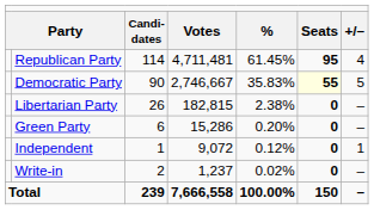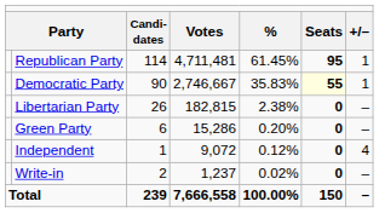 <table class="wikitable" style="font-size:100%; text-align:right;">
 <tr>
 <td colspan=15 align=center></td>
 </tr>
 <tr>
 <th colspan=2>Party</th>
 <th><small>Candi-<br>dates</small></th>
 <th>Votes</th>
 <th>%</th>
 <th>Seats</th>
 <th>+/–</th>
 </tr>
 <tr>
 <td style="background:"></td>
 <td align=left><a href='#'>Republican Party</a></td>
 <td>114</td>
 <td>4,711,481</td>
 <td>61.45%</td>
 <td><strong>95</strong></td>
-<td>4</td>
+<td>1</td>
 </tr>
 <tr>
 <td style="background:"></td>
 <td align=left><a href='#'>Democratic Party</a></td>
 <td>90</td>
 <td>2,746,667</td>
 <td>35.83%</td>
 <td style="background: lightyellow;"><strong>55</strong></td>
-<td>5</td>
+<td>1</td>
 </tr>
 <tr>
 <td style="background:"></td>
 <td align=left><a href='#'>Libertarian Party</a></td>
 <td>26</td>
 <td>182,815</td>
 <td>2.38%</td>
 <td><strong>0</strong></td>
 <td>–</td>
 </tr>
 <tr>
 <td style="background:"></td>
 <td align=left><a href='#'>Green Party</a></td>
 <td>6</td>
 <td>15,286</td>
 <td>0.20%</td>
 <td><strong>0</strong></td>
 <td>–</td>
 </tr>
 <tr>
 <td style="background:"></td>
 <td align=left><a href='#'>Independent</a></td>
 <td>1</td>
 <td>9,072</td>
 <td>0.12%</td>
 <td><strong>0</strong></td>
-<td>1</td>
+<td>4</td>
 </tr>
 <tr>
 <td style="background:"></td>
 <td align=left><a href='#'>Write-in</a></td>
 <td>2</td>
 <td>1,237</td>
 <td>0.02%</td>
 <td><strong>0</strong></td>
 <td>–</td>
 </tr>
 <tr style="font-weight:bold">
 <td colspan=2 align=left>Total</td>
 <td>239</td>
 <td>7,666,558</td>
 <td>100.00%</td>
 <td>150</td>
 <td>–</td>
 </tr>
 </table>
